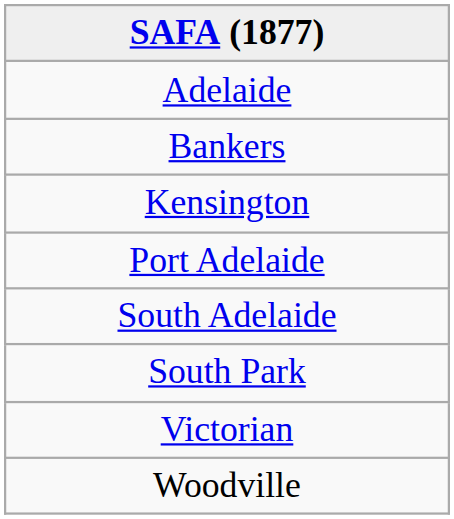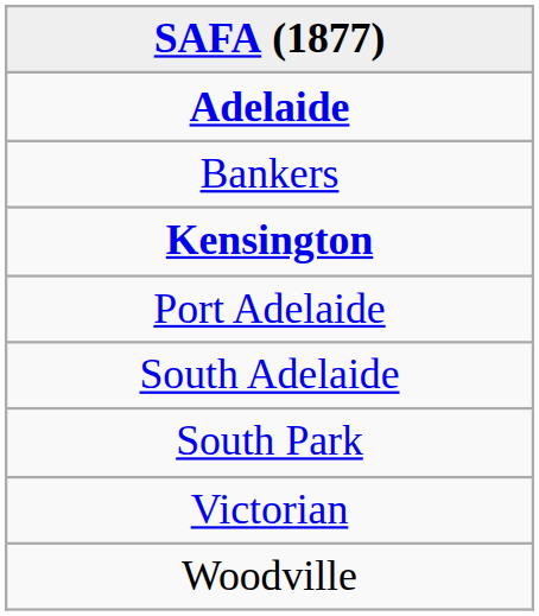 <table class="wikitable" style="text-align:center; width:200px; font-size:100%">
 <tr>
 <th colspan=2 style="background:#efefef;"><strong><a href='#'>SAFA</a></strong> (1877)</th>
 </tr>
 <tr>
-<td><a href='#'>Adelaide</a></td>
+<td><strong><a href='#'>Adelaide</a></strong></td>
 </tr>
 <tr>
 <td><a href='#'>Bankers</a></td>
 </tr>
 <tr>
-<td><a href='#'>Kensington</a></td>
+<td><strong><a href='#'>Kensington</a></strong></td>
 </tr>
 <tr>
 <td><a href='#'>Port Adelaide</a></td>
 </tr>
 <tr>
 <td><a href='#'>South Adelaide</a></td>
 </tr>
 <tr>
 <td><a href='#'>South Park</a></td>
 </tr>
 <tr>
 <td><a href='#'>Victorian</a></td>
 </tr>
 <tr>
 <td>Woodville</td>
 </tr>
 </table>
